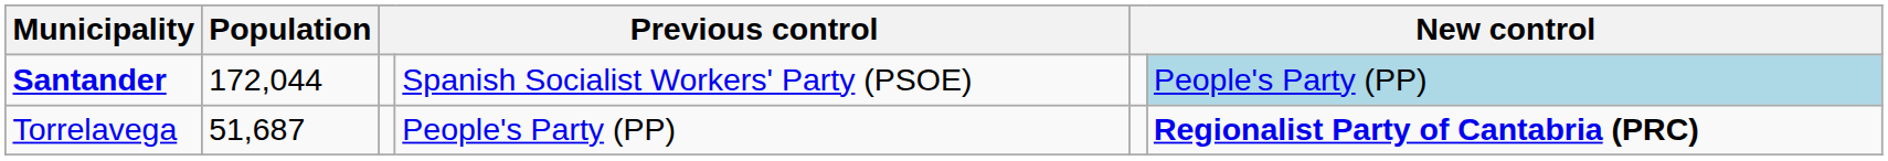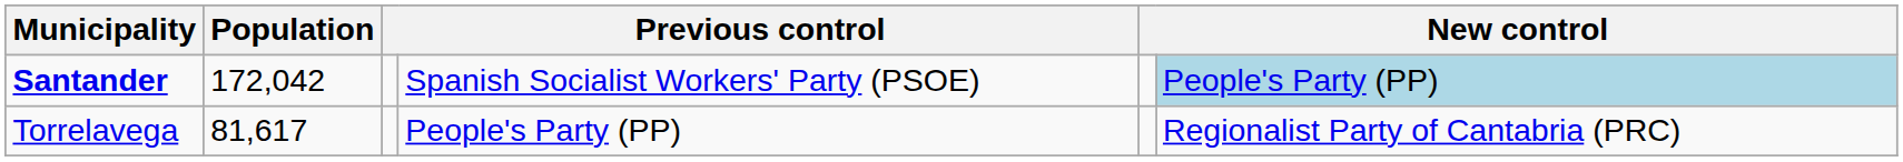 <table class="wikitable sortable">
 <tr>
 <th>Municipality</th>
 <th>Population</th>
 <th colspan="2" style="width:375px;">Previous control</th>
 <th colspan="2" style="width:375px;">New control</th>
 </tr>
 <tr>
 <td><strong><a href='#'>Santander</a></strong></td>
-<td>172,044</td>
+<td>172,042</td>
 <td width="1" style="color:inherit;background:"></td>
 <td><a href='#'>Spanish Socialist Workers' Party</a> (PSOE)</td>
 <td width="1" style="color:inherit;background:"></td>
 <td style="background: lightblue;"><a href='#'>People's Party</a> (PP)</td>
 </tr>
 <tr>
 <td><a href='#'>Torrelavega</a></td>
-<td>51,687</td>
+<td>81,617</td>
 <td style="color:inherit;background:"></td>
 <td><a href='#'>People's Party</a> (PP)</td>
 <td style="color:inherit;background:"></td>
-<td><strong><a href='#'>Regionalist Party of Cantabria</a> (PRC)</strong></td>
+<td><a href='#'>Regionalist Party of Cantabria</a> (PRC)</td>
 </tr>
 </table>
